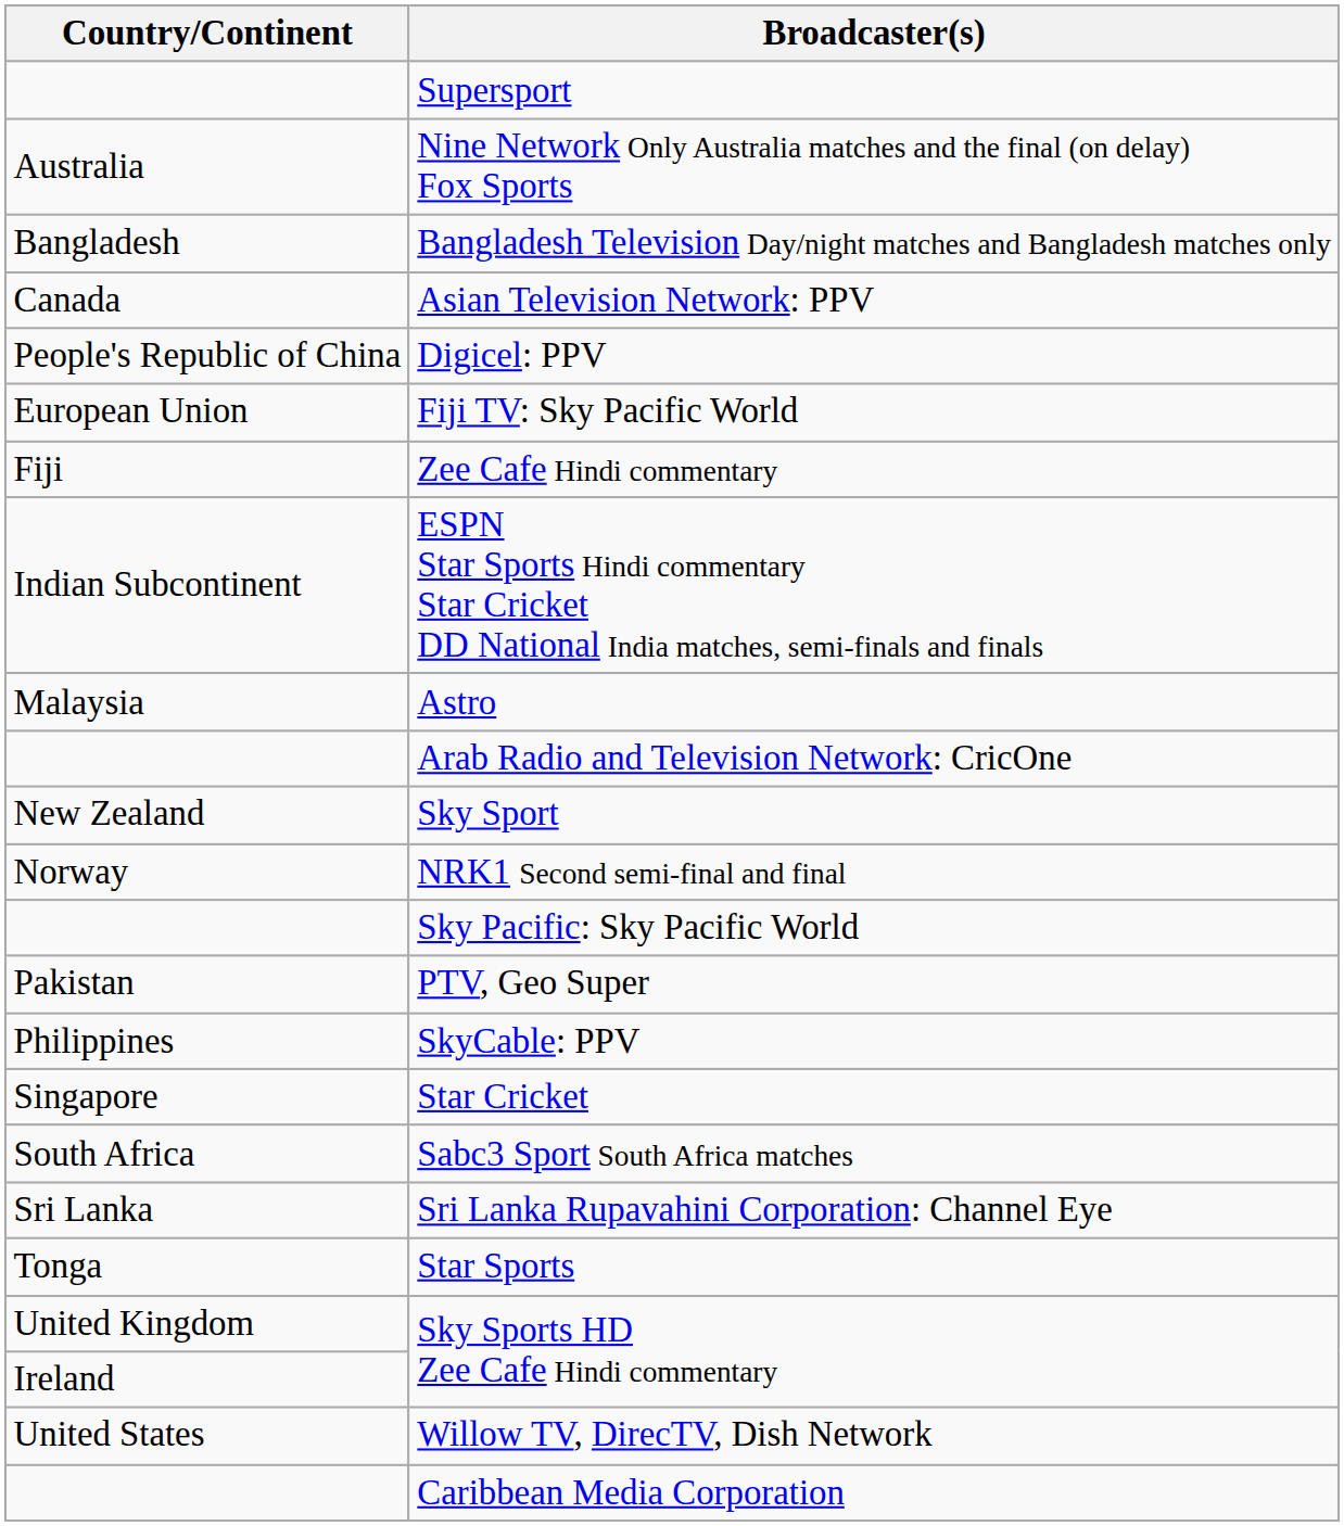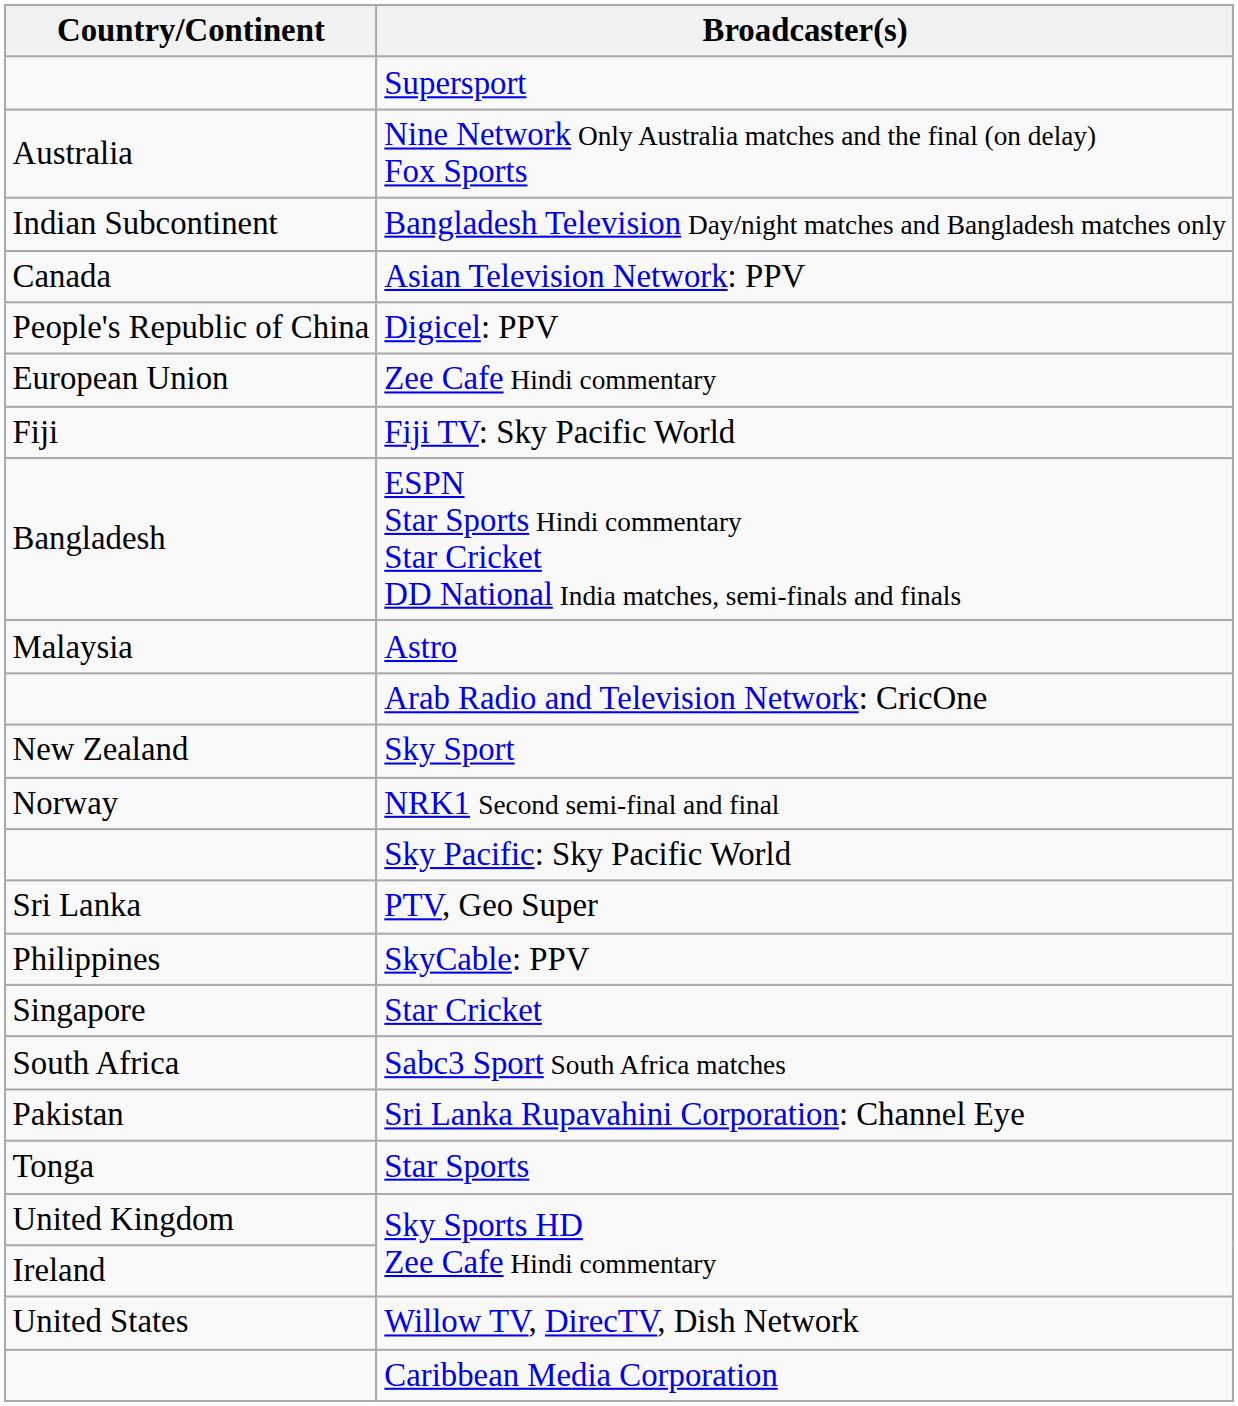 <table class="wikitable">
 <tr>
 <th>Country/Continent</th>
 <th>Broadcaster(s)</th>
 </tr>
 <tr>
 <td></td>
 <td><a href='#'>Supersport</a><br></td>
 </tr>
 <tr>
 <td>Australia</td>
 <td><a href='#'>Nine Network</a><small> Only Australia matches and the final (on delay)</small><br><a href='#'>Fox Sports</a></td>
 </tr>
 <tr>
-<td>Bangladesh</td>
+<td>Indian Subcontinent</td>
 <td><a href='#'>Bangladesh Television</a><small> Day/night matches and Bangladesh matches only</small></td>
 </tr>
 <tr>
 <td>Canada</td>
 <td><a href='#'>Asian Television Network</a>: PPV</td>
 </tr>
 <tr>
 <td>People's Republic of China</td>
 <td><a href='#'>Digicel</a>: PPV</td>
 </tr>
 <tr>
 <td>European Union</td>
+<td><a href='#'>Zee Cafe</a><small> Hindi commentary</small></td>
+</tr>
+<tr>
+<td>Fiji</td>
 <td><a href='#'>Fiji TV</a>: Sky Pacific World</td>
 </tr>
 <tr>
-<td>Fiji</td>
-<td><a href='#'>Zee Cafe</a><small> Hindi commentary</small></td>
-</tr>
-<tr>
-<td>Indian Subcontinent</td>
+<td>Bangladesh</td>
 <td><a href='#'>ESPN</a><br><a href='#'>Star Sports</a><small> Hindi commentary</small> <br><a href='#'>Star Cricket</a> <br><a href='#'>DD National</a><small> India matches, semi-finals and finals</small></td>
 </tr>
 <tr>
 <td>Malaysia</td>
 <td><a href='#'>Astro</a></td>
 </tr>
 <tr>
 <td></td>
 <td><a href='#'>Arab Radio and Television Network</a>: CricOne</td>
 </tr>
 <tr>
 <td>New Zealand</td>
 <td><a href='#'>Sky Sport</a></td>
 </tr>
 <tr>
 <td>Norway</td>
 <td><a href='#'>NRK1</a> <small>Second semi-final and final</small></td>
 </tr>
 <tr>
 <td></td>
 <td><a href='#'>Sky Pacific</a>: Sky Pacific World</td>
 </tr>
 <tr>
-<td>Pakistan</td>
+<td>Sri Lanka</td>
 <td><a href='#'>PTV</a>, Geo Super</td>
 </tr>
 <tr>
 <td>Philippines</td>
 <td><a href='#'>SkyCable</a>: PPV</td>
 </tr>
 <tr>
 <td>Singapore</td>
 <td><a href='#'>Star Cricket</a></td>
 </tr>
 <tr>
 <td>South Africa</td>
 <td><a href='#'>Sabc3 Sport</a><small> South Africa matches</small></td>
 </tr>
 <tr>
-<td>Sri Lanka</td>
+<td>Pakistan</td>
 <td><a href='#'>Sri Lanka Rupavahini Corporation</a>: Channel Eye</td>
 </tr>
 <tr>
 <td>Tonga</td>
 <td><a href='#'>Star Sports</a></td>
 </tr>
 <tr>
 <td>United Kingdom</td>
 <td rowspan="2"><a href='#'>Sky Sports HD</a><br><a href='#'>Zee Cafe</a><small> Hindi commentary</small></td>
 </tr>
 <tr>
 <td>Ireland</td>
 </tr>
 <tr>
 <td>United States</td>
 <td><a href='#'>Willow TV</a>, <a href='#'>DirecTV</a>, Dish Network</td>
 </tr>
 <tr>
 <td></td>
 <td><a href='#'>Caribbean Media Corporation</a></td>
 </tr>
 </table>
